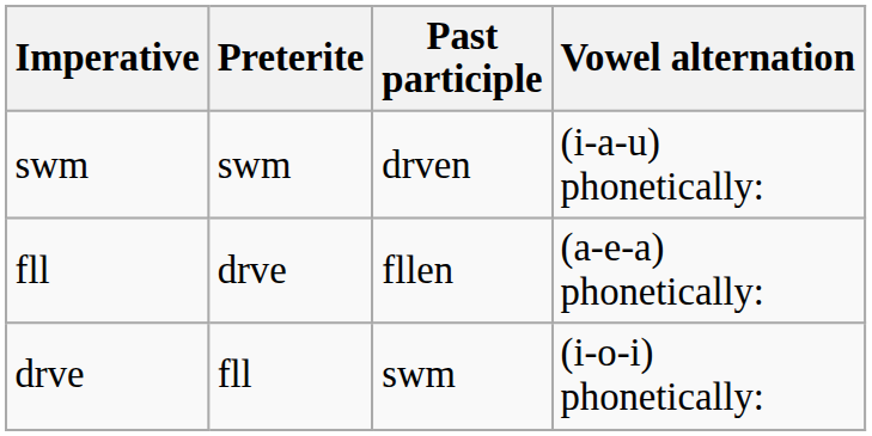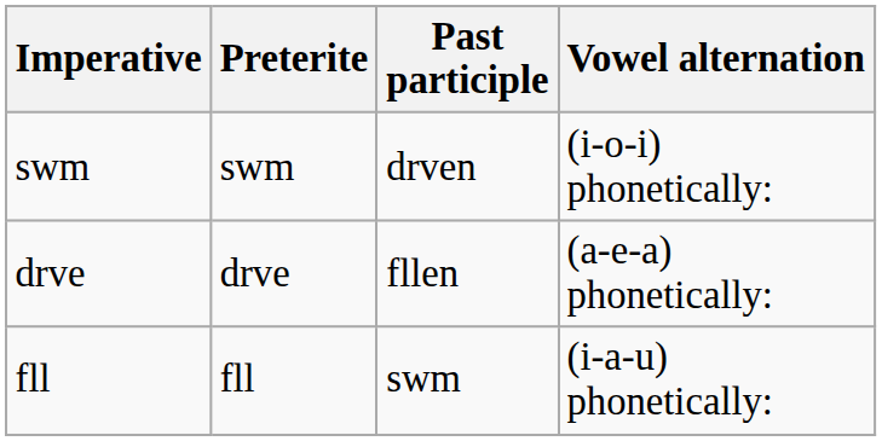 <table class="wikitable">
 <tr>
 <th>Imperative</th>
 <th>Preterite</th>
 <th>Past<br>participle</th>
 <th>Vowel alternation</th>
 </tr>
 <tr>
 <td>swm</td>
 <td>swm</td>
 <td>drven</td>
-<td>(i-a-u)<br>phonetically: </td>
+<td>(i-o-i)<br>phonetically: </td>
 </tr>
 <tr>
-<td>fll</td>
+<td>drve</td>
 <td>drve</td>
 <td>fllen</td>
 <td>(a-e-a)<br>phonetically: </td>
 </tr>
 <tr>
-<td>drve</td>
+<td>fll</td>
 <td>fll</td>
 <td>swm</td>
-<td>(i-o-i)<br>phonetically: </td>
+<td>(i-a-u)<br>phonetically: </td>
 </tr>
 </table>
